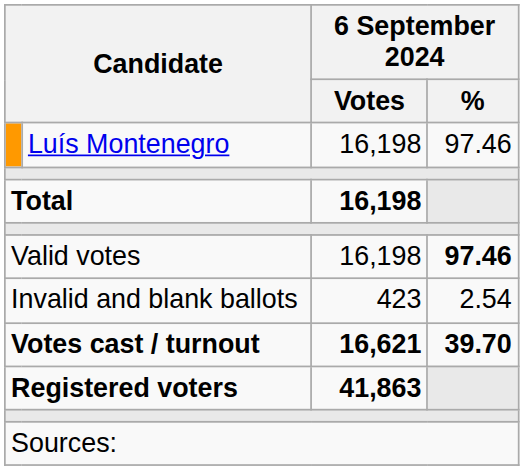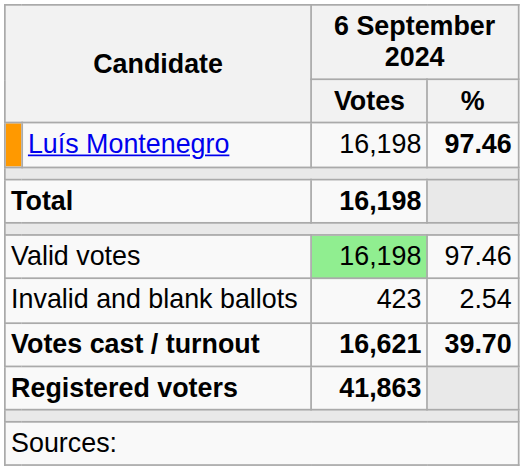 <table class="wikitable" style="text-align:right; font-size:97%;">
 <tr>
 <th rowspan="2" colspan="2" width="170">Candidate</th>
 <th colspan="2">6 September 2024</th>
 </tr>
 <tr>
 <th width="60">Votes</th>
 <th width="45">%</th>
 </tr>
 <tr>
 <td style="color:inherit;background:#FF9900"></td>
 <td align="left"><a href='#'>Luís Montenegro</a></td>
 <td>16,198</td>
-<td>97.46</td>
+<td><strong>97.46</strong></td>
 </tr>
 <tr>
 <td colspan="4" bgcolor="#E9E9E9"></td>
 </tr>
 <tr style="font-weight:bold;">
 <td align="left" colspan="2">Total</td>
 <td>16,198</td>
 <td bgcolor="#E9E9E9"></td>
 </tr>
 <tr>
 <td colspan="4" bgcolor="#E9E9E9"></td>
 </tr>
 <tr>
 <td align="left" colspan="2">Valid votes</td>
-<td>16,198</td>
-<td><strong>97.46</strong></td>
+<td style="background: lightgreen;">16,198</td>
+<td>97.46</td>
 </tr>
 <tr>
 <td align="left" colspan="2">Invalid and blank ballots</td>
 <td>423</td>
 <td>2.54</td>
 </tr>
 <tr style="font-weight:bold;">
 <td align="left" colspan="2">Votes cast / turnout</td>
 <td>16,621</td>
 <td>39.70</td>
 </tr>
 <tr style="font-weight:bold;">
 <td align="left" colspan="2">Registered voters</td>
 <td>41,863</td>
 <td bgcolor="#E9E9E9"></td>
 </tr>
 <tr>
 <td colspan="4" bgcolor="#E9E9E9"></td>
 </tr>
 <tr>
 <td align="left" colspan="6">Sources: </td>
 </tr>
 </table>
